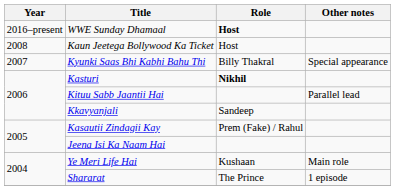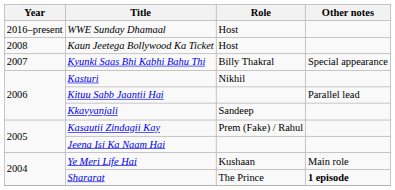 <table class="wikitable sortable">
 <tr>
 <th>Year</th>
 <th>Title</th>
 <th>Role</th>
 <th>Other notes</th>
 </tr>
 <tr>
 <td>2016–present</td>
 <td><em>WWE Sunday Dhamaal</em></td>
-<td><strong>Host</strong></td>
+<td>Host</td>
 <td></td>
 </tr>
 <tr>
 <td>2008</td>
 <td><em>Kaun Jeetega Bollywood Ka Ticket</em></td>
 <td>Host</td>
 <td></td>
 </tr>
 <tr>
 <td>2007</td>
 <td><em><a href='#'>Kyunki Saas Bhi Kabhi Bahu Thi</a> </em></td>
 <td>Billy Thakral</td>
 <td>Special appearance</td>
 </tr>
 <tr>
 <td rowspan="3">2006</td>
 <td><em><a href='#'>Kasturi</a></em></td>
-<td><strong>Nikhil</strong></td>
+<td>Nikhil</td>
 <td></td>
 </tr>
 <tr>
 <td><em><a href='#'>Kituu Sabb Jaantii Hai</a></em></td>
 <td></td>
 <td>Parallel lead</td>
 </tr>
 <tr>
 <td><em><a href='#'>Kkavyanjali</a></em></td>
 <td>Sandeep</td>
 <td></td>
 </tr>
 <tr>
 <td rowspan="2">2005</td>
 <td><em><a href='#'>Kasautii Zindagii Kay</a></em></td>
 <td>Prem (Fake) / Rahul</td>
 <td></td>
 </tr>
 <tr>
 <td><em><a href='#'>Jeena Isi Ka Naam Hai</a></em></td>
 <td></td>
 <td></td>
 </tr>
 <tr>
 <td rowspan="2">2004</td>
 <td><em><a href='#'>Ye Meri Life Hai</a></em></td>
 <td>Kushaan</td>
 <td>Main role</td>
 </tr>
 <tr>
 <td><em><a href='#'>Shararat</a></em></td>
 <td>The Prince</td>
-<td>1 episode</td>
+<td><strong>1 episode</strong></td>
 </tr>
 <tr>
 </tr>
 </table>
